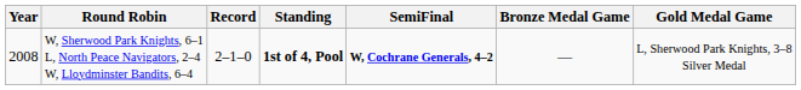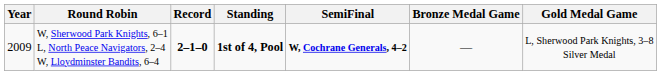 <table class="wikitable" style="text-align:center">
 <tr>
 <th>Year</th>
 <th>Round Robin</th>
 <th>Record</th>
 <th>Standing</th>
 <th>SemiFinal</th>
 <th>Bronze Medal Game</th>
 <th>Gold Medal Game</th>
 </tr>
 <tr>
-<td>2008</td>
+<td>2009</td>
 <td align=left><small> W, <a href='#'>Sherwood Park Knights</a>, 6–1<br>L, <a href='#'>North Peace Navigators</a>, 2–4<br>W, <a href='#'>Lloydminster Bandits</a>, 6–4</small></td>
-<td>2–1–0</td>
+<td><strong>2–1–0</strong></td>
 <td><strong>1st of 4, Pool</strong></td>
 <td><strong><small>W, <a href='#'>Cochrane Generals</a>, 4–2</small></strong></td>
 <td>—</td>
 <td><small>L, Sherwood Park Knights, 3–8<br>Silver Medal</small></td>
 </tr>
 </table>
